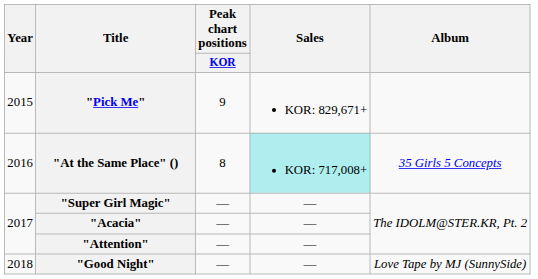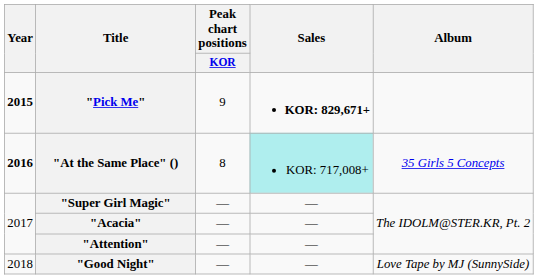 <table class="wikitable plainrowheaders" style="text-align:center">
 <tr>
 <th rowspan="2">Year</th>
 <th rowspan="2" style="width:12em">Title</th>
 <th colspan="1">Peak chart positions</th>
 <th scope="col" rowspan="2">Sales</th>
 <th rowspan="2">Album</th>
 </tr>
 <tr>
 <th scope="col" style="width:3em;font-size:90%"><a href='#'>KOR</a></th>
 </tr>
 <tr>
-<td>2015</td>
+<td><strong>2015</strong></td>
 <th scope="row">"<a href='#'>Pick Me</a>" </th>
 <td>9</td>
-<td><br><ul><li>KOR: 829,671+</li></ul></td>
+<td><strong><br><ul><li>KOR: 829,671+</li></ul></strong></td>
 <td></td>
 </tr>
 <tr>
-<td>2016</td>
+<td><strong>2016</strong></td>
 <th scope="row">"At the Same Place" () </th>
 <td>8</td>
 <td style="background: paleturquoise;"><br><ul><li>KOR: 717,008+</li></ul></td>
 <td><em><a href='#'>35 Girls 5 Concepts</a></em></td>
 </tr>
 <tr>
 <td rowspan="3">2017</td>
 <th scope="row">"Super Girl Magic" </th>
 <td>—</td>
 <td>—</td>
 <td rowspan="3"><em>The IDOLM@STER.KR, Pt. 2</em></td>
 </tr>
 <tr>
 <th scope="row">"Acacia" </th>
 <td>—</td>
 <td>—</td>
 </tr>
 <tr>
 <th scope="row">"Attention" </th>
 <td>—</td>
 <td>—</td>
 </tr>
 <tr>
 <td rowspan="3">2018</td>
 <th scope="row">"Good Night" </th>
 <td>—</td>
 <td>—</td>
 <td rowspan="3"><em>Love Tape by MJ (SunnySide)</em></td>
 </tr>
 </table>
